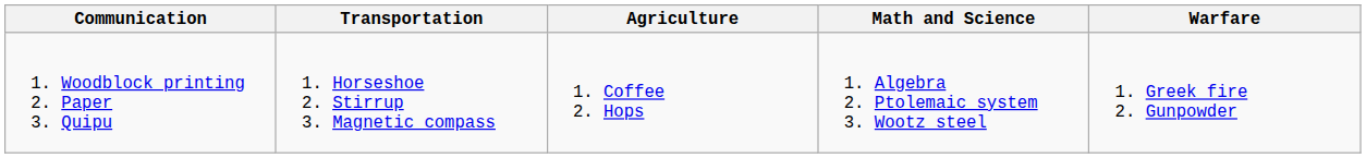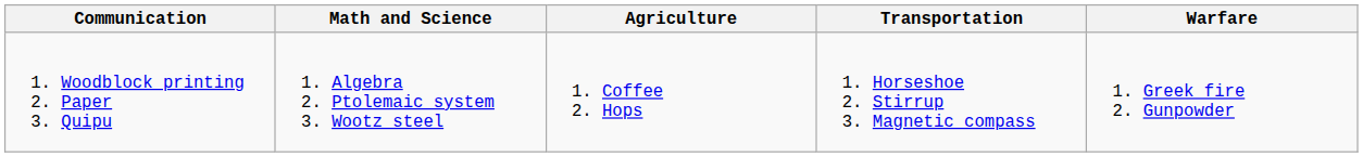 <table class="wikitable">
 <tr>
 <th style="width:18%;text-align:center;">Communication</th>
+<th style="width:18%;text-align:center;">Math and Science</th>
+<th style="width:18%;text-align:center;">Agriculture</th>
 <th style="width:18%;text-align:center;">Transportation</th>
-<th style="width:18%;text-align:center;">Agriculture</th>
-<th style="width:18%;text-align:center;">Math and Science</th>
 <th style="width:18%;text-align:center;">Warfare</th>
 </tr>
 <tr style=  style="vertical-align:top; text-align:left;">
 <td><br><ol><li><a href='#'>Woodblock printing</a></li><li><a href='#'>Paper</a></li><li><a href='#'>Quipu</a></li></ol></td>
+<td><br><ol><li><a href='#'>Algebra</a></li><li><a href='#'>Ptolemaic system</a></li><li><a href='#'>Wootz steel</a></li></ol></td>
+<td><br><ol><li><a href='#'>Coffee</a></li><li><a href='#'>Hops</a></li></ol></td>
 <td><br><ol><li><a href='#'>Horseshoe</a></li><li><a href='#'>Stirrup</a></li><li><a href='#'>Magnetic compass</a></li></ol></td>
-<td><br><ol><li><a href='#'>Coffee</a></li><li><a href='#'>Hops</a></li></ol></td>
-<td><br><ol><li><a href='#'>Algebra</a></li><li><a href='#'>Ptolemaic system</a></li><li><a href='#'>Wootz steel</a></li></ol></td>
 <td><br><ol><li><a href='#'>Greek fire</a> </li><li><a href='#'>Gunpowder</a></li></ol></td>
 </tr>
 </table>
